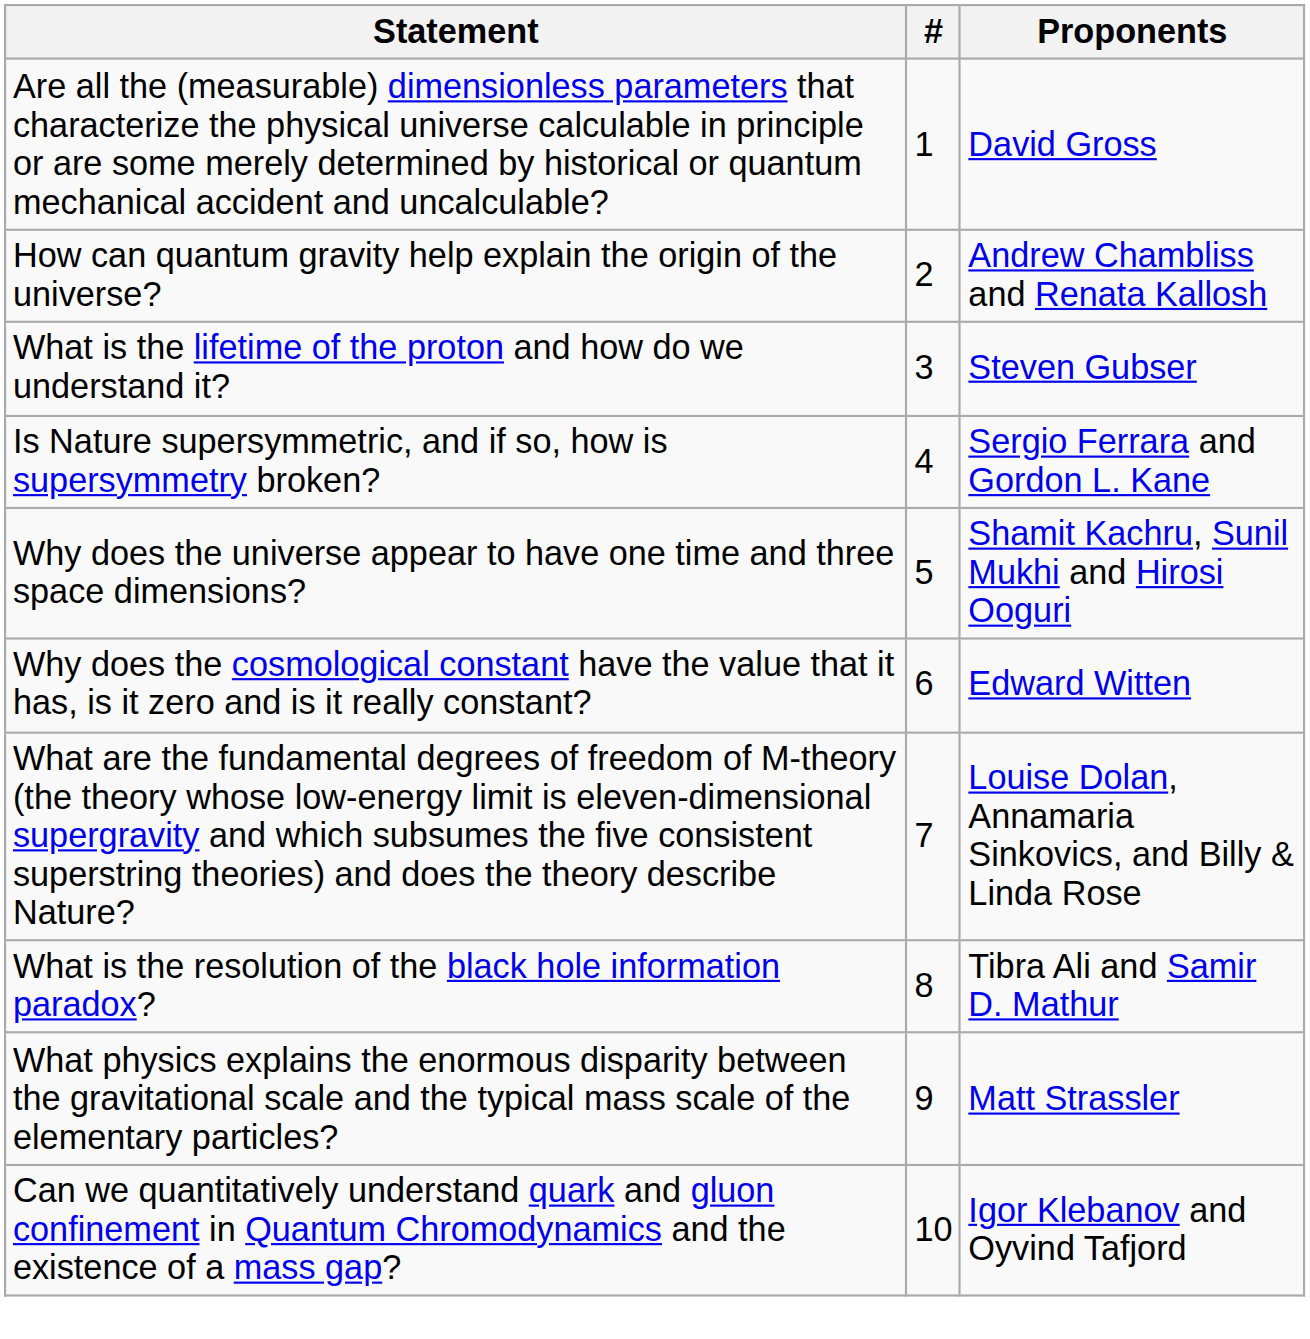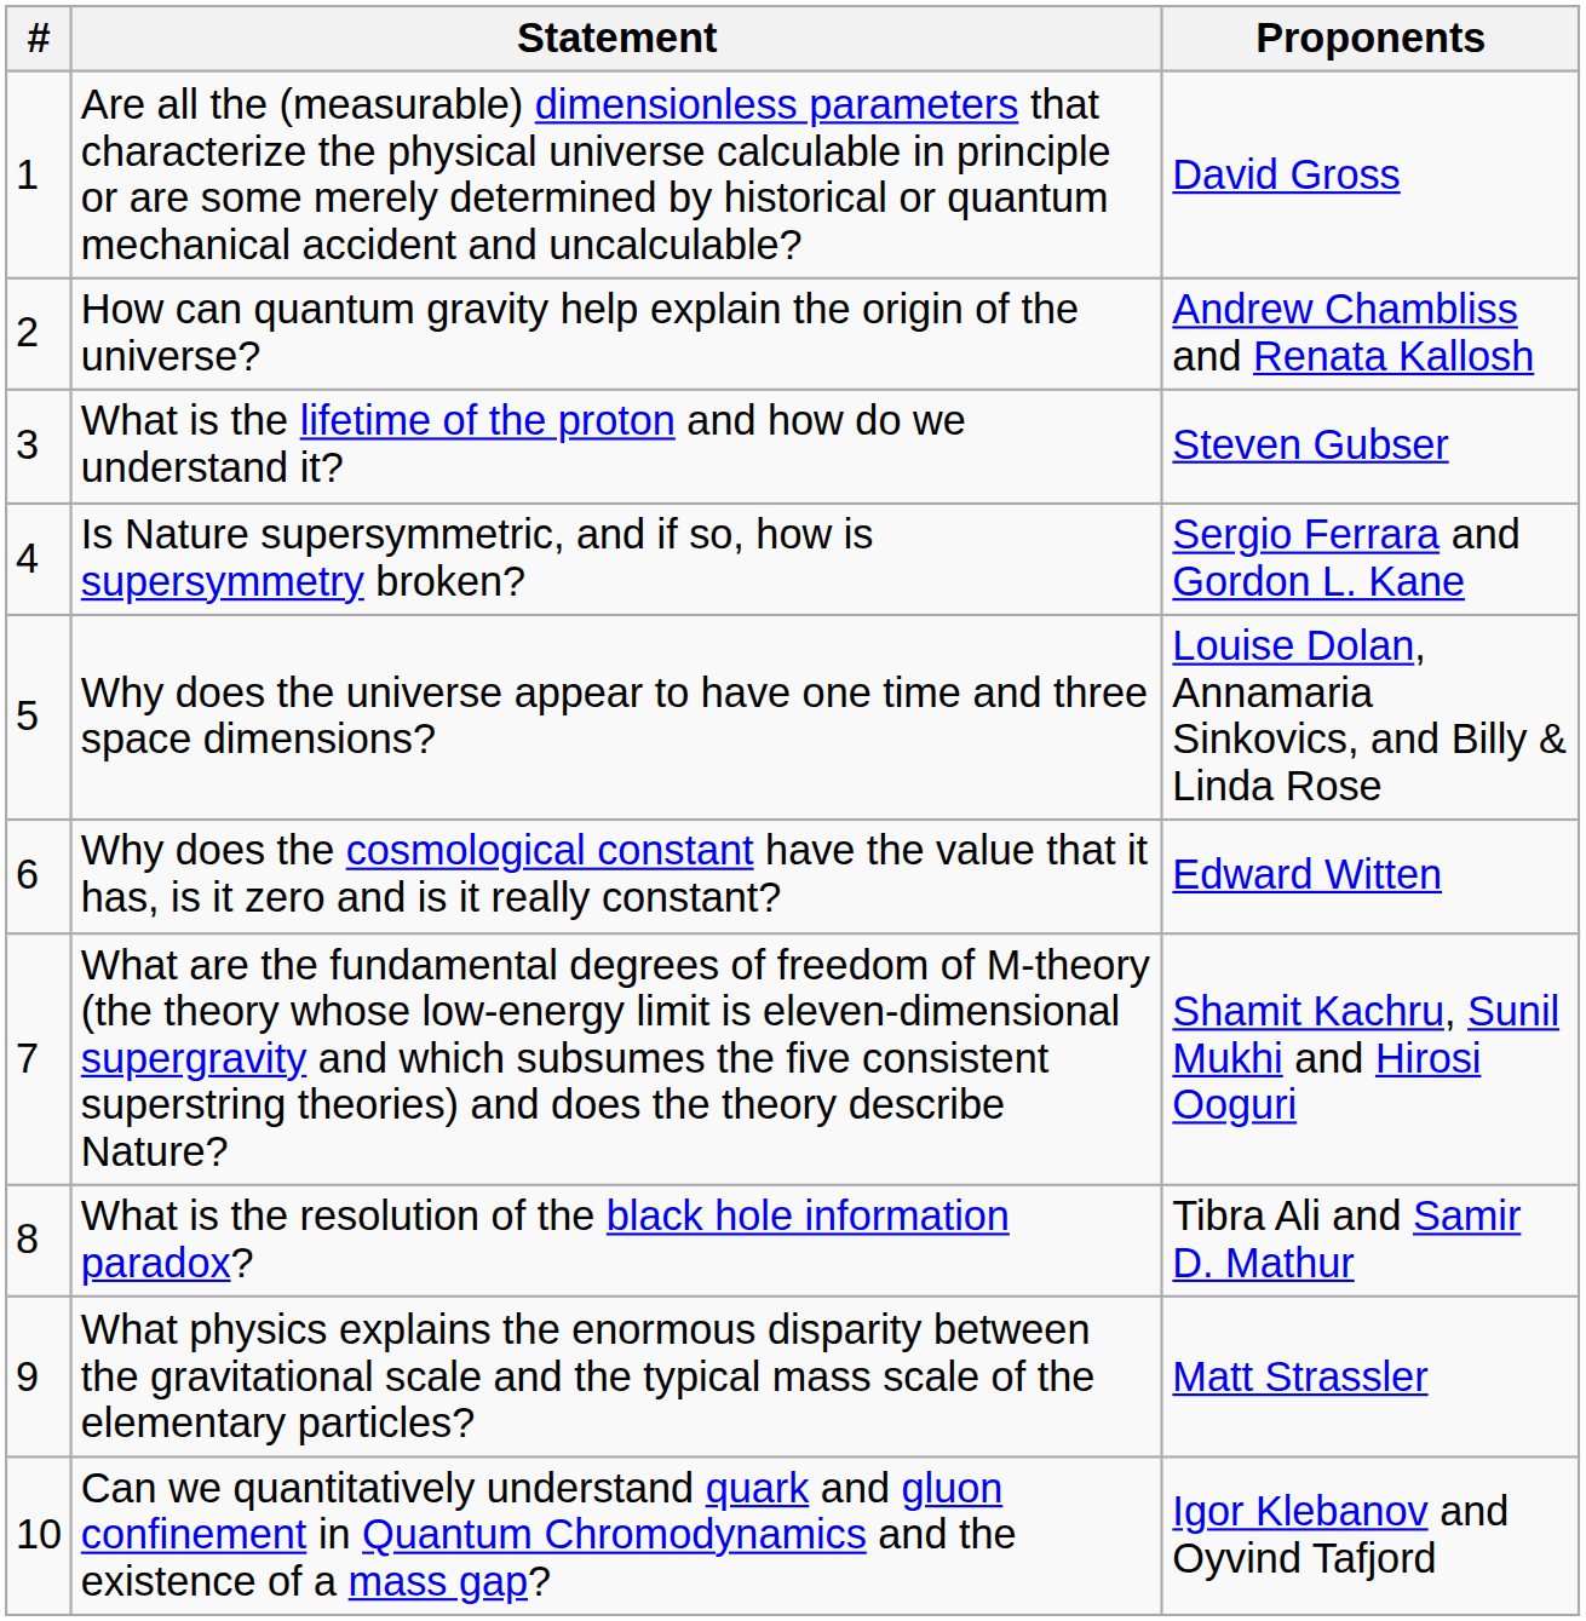 <table class="wikitable">
 <tr>
+<th>#</th>
 <th>Statement</th>
-<th>#</th>
 <th>Proponents</th>
 </tr>
 <tr>
+<td>1</td>
 <td>Are all the (measurable) <a href='#'>dimensionless parameters</a> that characterize the physical universe calculable in principle or are some merely determined by historical or quantum mechanical accident and uncalculable?</td>
-<td>1</td>
 <td><a href='#'>David Gross</a></td>
 </tr>
 <tr>
+<td>2</td>
 <td>How can quantum gravity help explain the origin of the universe?</td>
-<td>2</td>
 <td><a href='#'>Andrew Chambliss</a> and <a href='#'>Renata Kallosh</a></td>
 </tr>
 <tr>
+<td>3</td>
 <td>What is the <a href='#'>lifetime of the proton</a> and how do we understand it?</td>
-<td>3</td>
 <td><a href='#'>Steven Gubser</a></td>
 </tr>
 <tr>
+<td>4</td>
 <td>Is Nature supersymmetric, and if so, how is <a href='#'>supersymmetry</a> broken?</td>
-<td>4</td>
 <td><a href='#'>Sergio Ferrara</a> and <a href='#'>Gordon L. Kane</a></td>
 </tr>
 <tr>
+<td>5</td>
 <td>Why does the universe appear to have one time and three space dimensions?</td>
-<td>5</td>
+<td><a href='#'>Louise Dolan</a>, Annamaria Sinkovics, and Billy & Linda Rose</td>
+</tr>
+<tr>
+<td>6</td>
+<td>Why does the <a href='#'>cosmological constant</a> have the value that it has, is it zero and is it really constant?</td>
+<td><a href='#'>Edward Witten</a></td>
+</tr>
+<tr>
+<td>7</td>
+<td>What are the fundamental degrees of freedom of M-theory (the theory whose low-energy limit is eleven-dimensional <a href='#'>supergravity</a> and which subsumes the five consistent superstring theories) and does the theory describe Nature?</td>
 <td><a href='#'>Shamit Kachru</a>, <a href='#'>Sunil Mukhi</a> and <a href='#'>Hirosi Ooguri</a></td>
 </tr>
 <tr>
-<td>Why does the <a href='#'>cosmological constant</a> have the value that it has, is it zero and is it really constant?</td>
-<td>6</td>
-<td><a href='#'>Edward Witten</a></td>
-</tr>
-<tr>
-<td>What are the fundamental degrees of freedom of M-theory (the theory whose low-energy limit is eleven-dimensional <a href='#'>supergravity</a> and which subsumes the five consistent superstring theories) and does the theory describe Nature?</td>
-<td>7</td>
-<td><a href='#'>Louise Dolan</a>, Annamaria Sinkovics, and Billy & Linda Rose</td>
-</tr>
-<tr>
+<td>8</td>
 <td>What is the resolution of the <a href='#'>black hole information paradox</a>?</td>
-<td>8</td>
 <td>Tibra Ali and <a href='#'>Samir D. Mathur</a></td>
 </tr>
 <tr>
+<td>9</td>
 <td>What physics explains the enormous disparity between the gravitational scale and the typical mass scale of the elementary particles?</td>
-<td>9</td>
 <td><a href='#'>Matt Strassler</a></td>
 </tr>
 <tr>
+<td>10</td>
 <td>Can we quantitatively understand <a href='#'>quark</a> and <a href='#'>gluon confinement</a> in <a href='#'>Quantum Chromodynamics</a> and the existence of a <a href='#'>mass gap</a>?</td>
-<td>10</td>
 <td><a href='#'>Igor Klebanov</a> and Oyvind Tafjord</td>
 </tr>
 </table>
